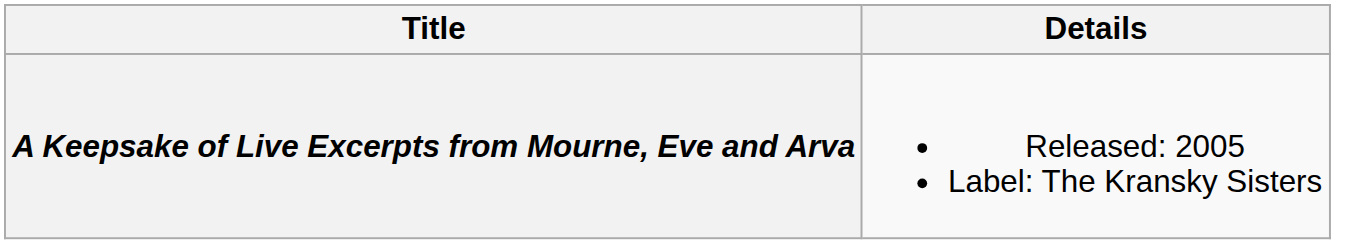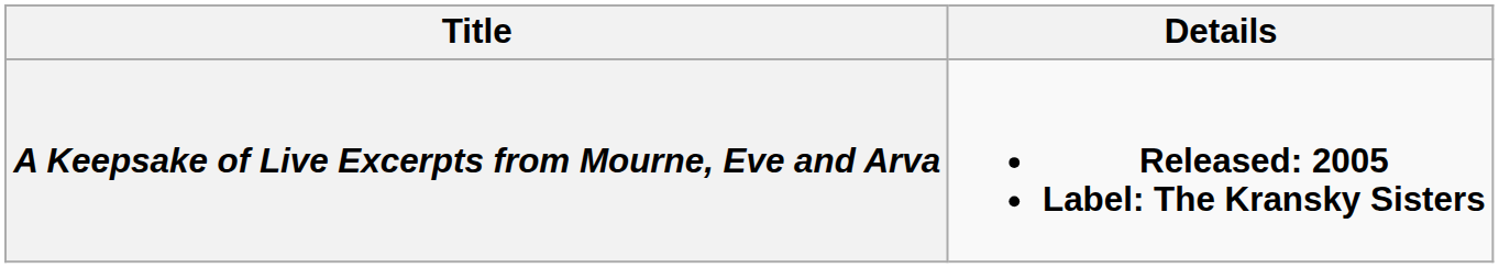 <table class="wikitable plainrowheaders" style="text-align:center;">
 <tr>
 <th>Title</th>
 <th>Details</th>
 </tr>
 <tr>
 <th scope="row"><em>A Keepsake of Live Excerpts from Mourne, Eve and Arva</em></th>
-<td><br><ul><li>Released: 2005</li><li>Label: The Kransky Sisters</li></ul></td>
+<td><strong><br><ul><li>Released: 2005</li><li>Label: The Kransky Sisters</li></ul></strong></td>
 </tr>
 </table>
